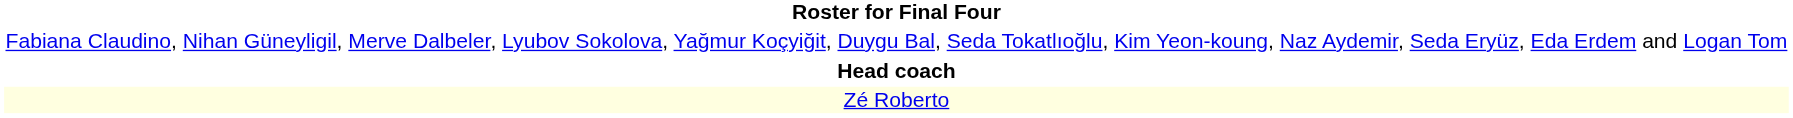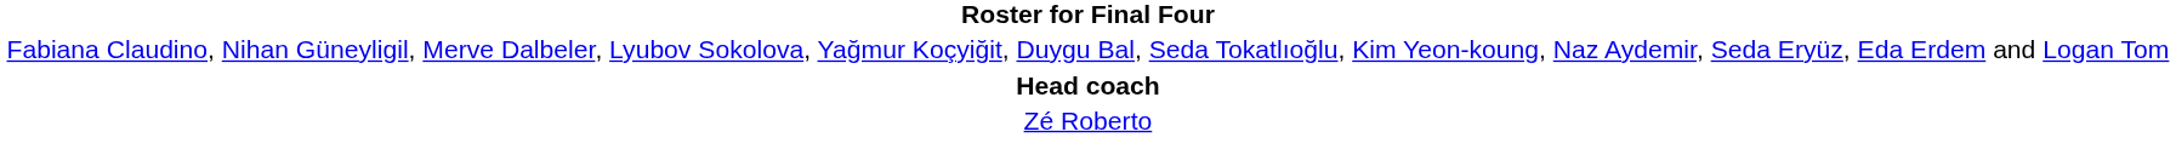 <table style="text-align: center; margin-top: 2em; margin-left: auto; margin-right: auto">
 <tr>
 <td><strong>Roster for Final Four</strong></td>
 </tr>
 <tr>
 <td><a href='#'>Fabiana Claudino</a>, <a href='#'>Nihan Güneyligil</a>, <a href='#'>Merve Dalbeler</a>, <a href='#'>Lyubov Sokolova</a>, <a href='#'>Yağmur Koçyiğit</a>, <a href='#'>Duygu Bal</a>, <a href='#'>Seda Tokatlıoğlu</a>, <a href='#'>Kim Yeon-koung</a>, <a href='#'>Naz Aydemir</a>, <a href='#'>Seda Eryüz</a>, <a href='#'>Eda Erdem</a> and <a href='#'>Logan Tom</a></td>
 </tr>
 <tr>
 <td><strong>Head coach</strong></td>
 </tr>
 <tr>
-<td style="background: lightyellow;"><a href='#'>Zé Roberto</a></td>
+<td><a href='#'>Zé Roberto</a></td>
 </tr>
 </table>
